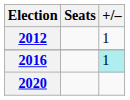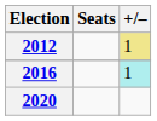 <table class=wikitable>
 <tr>
 <th>Election</th>
 <th>Seats</th>
 <th>+/–</th>
 </tr>
 <tr>
 <th><a href='#'>2012</a></th>
 <td></td>
-<td>1</td>
+<td style="background: khaki;">1</td>
 </tr>
 <tr>
 </tr>
 <tr>
 <th><a href='#'>2016</a></th>
 <td></td>
 <td style="background: paleturquoise;">1</td>
 </tr>
 <tr>
 <th><a href='#'>2020</a></th>
 <td></td>
 <td></td>
 </tr>
 </table>
